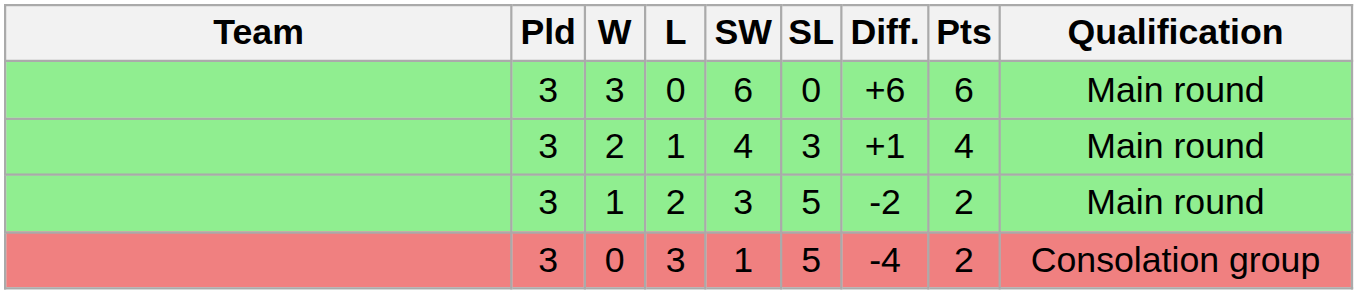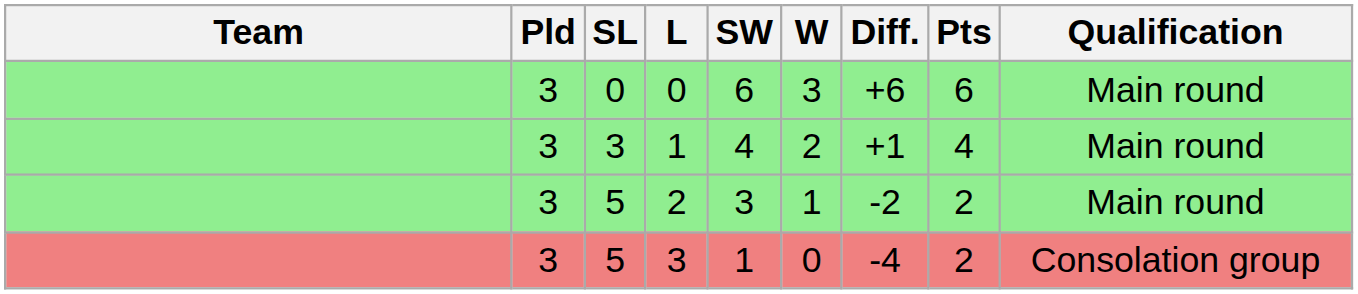 <table class=wikitable style="text-align:center">
 <tr>
 <th width=220>Team</th>
 <th width=20>Pld</th>
-<th width=20>W</th>
+<th width=20>SL</th>
 <th width=20>L</th>
 <th width=20>SW</th>
-<th width=20>SL</th>
+<th width=20>W</th>
 <th width=20>Diff.</th>
 <th width=20>Pts</th>
 <th width=150>Qualification</th>
 </tr>
 <tr bgcolor=90EE90>
 <td align=left></td>
 <td>3</td>
-<td>3</td>
+<td>0</td>
 <td>0</td>
 <td>6</td>
-<td>0</td>
+<td>3</td>
 <td>+6</td>
 <td>6</td>
 <td>Main round</td>
 </tr>
 <tr bgcolor=90EE90>
 <td align=left></td>
 <td>3</td>
-<td>2</td>
+<td>3</td>
 <td>1</td>
 <td>4</td>
-<td>3</td>
+<td>2</td>
 <td>+1</td>
 <td>4</td>
 <td>Main round</td>
 </tr>
 <tr bgcolor=90EE90>
 <td align=left></td>
 <td>3</td>
-<td>1</td>
+<td>5</td>
 <td>2</td>
 <td>3</td>
-<td>5</td>
+<td>1</td>
 <td>-2</td>
 <td>2</td>
 <td>Main round</td>
 </tr>
 <tr bgcolor=F08080>
 <td align=left></td>
 <td>3</td>
-<td>0</td>
+<td>5</td>
 <td>3</td>
 <td>1</td>
-<td>5</td>
+<td>0</td>
 <td>-4</td>
 <td>2</td>
 <td>Consolation group</td>
 </tr>
 </table>
